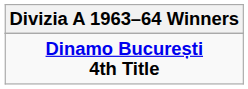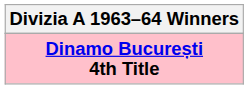 <table class="wikitable" style="text-align: center; margin: 0 auto;">
 <tr>
 <th>Divizia A 1963–64 Winners</th>
 </tr>
 <tr>
 </tr>
 <tr>
-<td><strong><a href='#'>Dinamo București</a></strong><br><strong>4th Title</strong></td>
+<td style="background: pink;"><strong><a href='#'>Dinamo București</a></strong><br><strong>4th Title</strong></td>
 </tr>
 </table>
